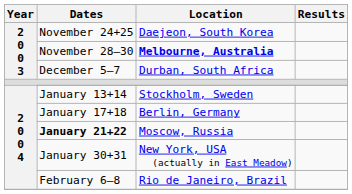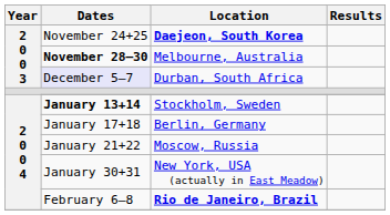 <table class=wikitable>
 <tr>
 <th>Year</th>
 <th>Dates</th>
 <th>Location</th>
 <th>Results</th>
 </tr>
 <tr>
 <th rowspan=3>2<br>0<br>0<br>3</th>
 <td>November 24+25</td>
-<td> <a href='#'>Daejeon, South Korea</a></td>
+<td><strong> <a href='#'>Daejeon, South Korea</a></strong></td>
 <td></td>
 </tr>
 <tr>
-<td>November 28–30</td>
-<td><strong> <a href='#'>Melbourne, Australia</a></strong></td>
+<td><strong>November 28–30</strong></td>
+<td> <a href='#'>Melbourne, Australia</a></td>
 <td></td>
 </tr>
 <tr>
-<td>December 5–7</td>
+<td style="background: lavender;">December 5–7</td>
 <td> <a href='#'>Durban, South Africa</a></td>
 <td></td>
 </tr>
 <tr bgcolor=#DDDDDD>
 <td colspan=4></td>
 </tr>
 <tr>
 <th rowspan=6>2<br>0<br>0<br>4</th>
 </tr>
 <tr>
-<td>January 13+14</td>
+<td><strong>January 13+14</strong></td>
 <td> <a href='#'>Stockholm, Sweden</a></td>
 <td></td>
 </tr>
 <tr>
 <td>January 17+18</td>
 <td> <a href='#'>Berlin, Germany</a></td>
 <td></td>
 </tr>
 <tr>
-<td><strong>January 21+22</strong></td>
+<td>January 21+22</td>
 <td> <a href='#'>Moscow, Russia</a></td>
 <td></td>
 </tr>
 <tr>
 <td>January 30+31</td>
 <td> <a href='#'>New York, USA</a> <br>   <small>(actually in <a href='#'>East Meadow</a>)</small></td>
 <td></td>
 </tr>
 <tr>
 <td>February 6–8</td>
-<td> <a href='#'>Rio de Janeiro, Brazil</a></td>
+<td><strong> <a href='#'>Rio de Janeiro, Brazil</a></strong></td>
 <td></td>
 </tr>
 <tr>
 </tr>
 </table>
